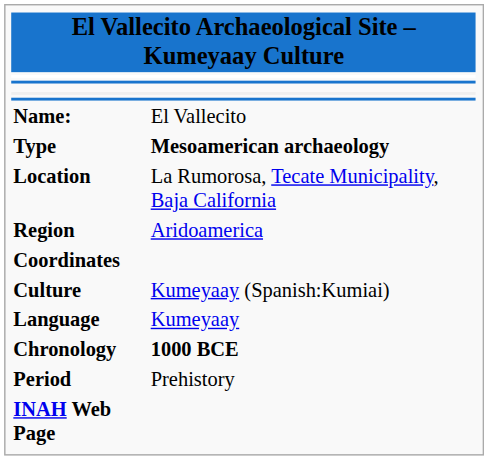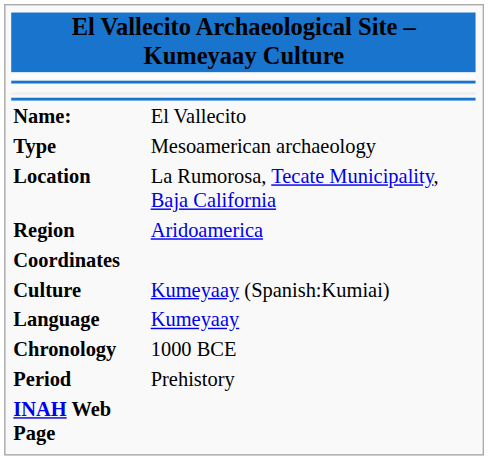 <table class="infobox" style="font-size:90%; text-align:left; width:23.5em">
 <tr>
 <td colspan="3" bgcolor=#1874CD style="text-align: center; font-size: larger;"><span><strong>El Vallecito Archaeological Site – Kumeyaay Culture</strong></span></td>
 </tr>
 <tr style="vertical-align: top; text-align: center;">
 <td colspan=3 bgcolor="#FFFFFF" align="center"></td>
 </tr>
 <tr>
 <td colspan="2" bgcolor=#1874CD></td>
 </tr>
 <tr>
 <td colspan=2></td>
 </tr>
 <tr>
 <td style="background:#efefef;"align="center" colspan="2"></td>
 </tr>
 <tr>
 <td colspan="2" bgcolor=#1874CD></td>
 </tr>
 <tr>
 <td><strong>Name:</strong></td>
 <td><span> El Vallecito</span></td>
 </tr>
 <tr>
 <td><strong>Type</strong></td>
-<td><strong>Mesoamerican archaeology</strong></td>
+<td>Mesoamerican archaeology</td>
 </tr>
 <tr>
 <td><strong>Location</strong></td>
 <td>La Rumorosa, <a href='#'>Tecate Municipality</a>, <a href='#'>Baja California</a><br></td>
 </tr>
 <tr>
 <td><strong>Region</strong></td>
 <td><a href='#'>Aridoamerica</a></td>
 </tr>
 <tr>
 <td><strong>Coordinates</strong></td>
 <td></td>
 </tr>
 <tr>
 <td><strong>Culture</strong></td>
 <td><a href='#'>Kumeyaay</a> (Spanish:Kumiai)</td>
 </tr>
 <tr>
 <td><strong>Language</strong></td>
 <td><a href='#'>Kumeyaay</a></td>
 </tr>
 <tr>
 <td><strong>Chronology</strong></td>
-<td><strong>1000 BCE</strong></td>
+<td>1000 BCE</td>
 </tr>
 <tr>
 <td><strong>Period</strong></td>
 <td>Prehistory</td>
 </tr>
 <tr>
 <td><strong><a href='#'>INAH</a> Web Page</strong></td>
 <td></td>
 </tr>
 </table>
